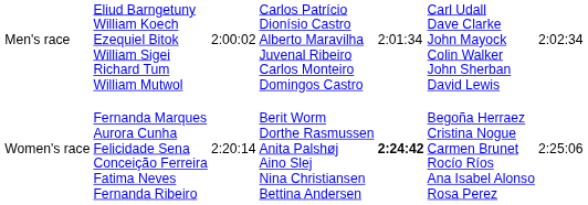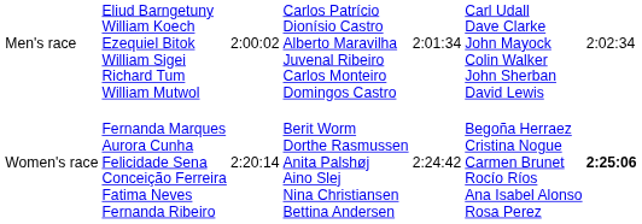 <table>
 <tr>
 <td>Men's race</td>
 <td><br><a href='#'>Eliud Barngetuny</a><br><a href='#'>William Koech</a><br><a href='#'>Ezequiel Bitok</a><br><a href='#'>William Sigei</a><br><a href='#'>Richard Tum</a><br><a href='#'>William Mutwol</a></td>
 <td>2:00:02</td>
 <td><br><a href='#'>Carlos Patrício</a><br><a href='#'>Dionísio Castro</a><br><a href='#'>Alberto Maravilha</a><br><a href='#'>Juvenal Ribeiro</a><br><a href='#'>Carlos Monteiro</a><br><a href='#'>Domingos Castro</a></td>
 <td>2:01:34</td>
 <td><br><a href='#'>Carl Udall</a><br><a href='#'>Dave Clarke</a><br><a href='#'>John Mayock</a><br><a href='#'>Colin Walker</a><br><a href='#'>John Sherban</a><br><a href='#'>David Lewis</a></td>
 <td>2:02:34</td>
 </tr>
 <tr>
 <td>Women's race</td>
 <td><br><a href='#'>Fernanda Marques</a><br><a href='#'>Aurora Cunha</a><br><a href='#'>Felicidade Sena</a><br><a href='#'>Conceição Ferreira</a><br><a href='#'>Fatima Neves</a><br><a href='#'>Fernanda Ribeiro</a></td>
 <td>2:20:14</td>
 <td><br><a href='#'>Berit Worm</a><br><a href='#'>Dorthe Rasmussen</a><br><a href='#'>Anita Palshøj</a><br><a href='#'>Aino Slej</a><br><a href='#'>Nina Christiansen</a><br><a href='#'>Bettina Andersen</a></td>
-<td><strong>2:24:42</strong></td>
+<td>2:24:42</td>
 <td><br><a href='#'>Begoña Herraez</a><br><a href='#'>Cristina Nogue</a><br><a href='#'>Carmen Brunet</a><br><a href='#'>Rocío Ríos</a><br><a href='#'>Ana Isabel Alonso</a><br><a href='#'>Rosa Perez</a></td>
-<td>2:25:06</td>
+<td><strong>2:25:06</strong></td>
 </tr>
 </table>
